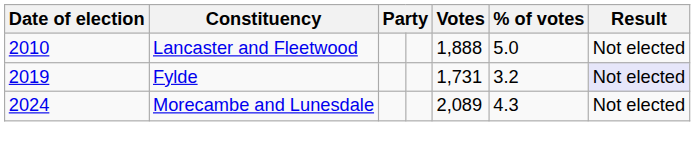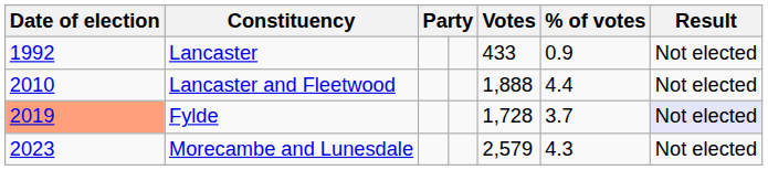 <table class="wikitable">
 <tr>
 <th>Date of election</th>
 <th>Constituency</th>
 <th colspan="2">Party</th>
 <th>Votes</th>
 <th>% of votes</th>
 <th>Result</th>
 </tr>
 <tr>
+<td><a href='#'>1992</a></td>
+<td><a href='#'>Lancaster</a></td>
+<td style="background-color: "></td>
+<td><a href='#'></a></td>
+<td>433</td>
+<td>0.9</td>
+<td>Not elected</td>
+</tr>
+<tr>
 <td><a href='#'>2010</a></td>
 <td><a href='#'>Lancaster and Fleetwood</a></td>
 <td style="background-color: "></td>
 <td><a href='#'></a></td>
 <td>1,888</td>
-<td>5.0</td>
+<td>4.4</td>
 <td>Not elected</td>
 </tr>
 <tr>
-<td><a href='#'>2019</a></td>
+<td style="background: lightsalmon;"><a href='#'>2019</a></td>
 <td><a href='#'>Fylde</a></td>
 <td style="background-color: "></td>
 <td><a href='#'></a></td>
-<td>1,731</td>
-<td>3.2</td>
+<td>1,728</td>
+<td>3.7</td>
 <td style="background: lavender;">Not elected</td>
 </tr>
 <tr>
-<td><a href='#'>2024</a></td>
+<td><a href='#'>2023</a></td>
 <td><a href='#'>Morecambe and Lunesdale</a></td>
 <td style="background-color: "></td>
 <td><a href='#'></a></td>
-<td>2,089</td>
+<td>2,579</td>
 <td>4.3</td>
 <td>Not elected</td>
 </tr>
 </table>
